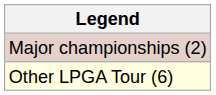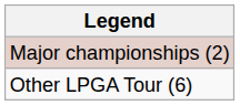 <table class="wikitable" style="font-size:95%;">
 <tr>
 <th>Legend</th>
 </tr>
 <tr style="background:#e5d1cb;">
 <td>Major championships (2)</td>
 </tr>
 <tr>
-<td style="background: lightyellow;">Other LPGA Tour (6)</td>
+<td>Other LPGA Tour (6)</td>
 </tr>
 </table>
